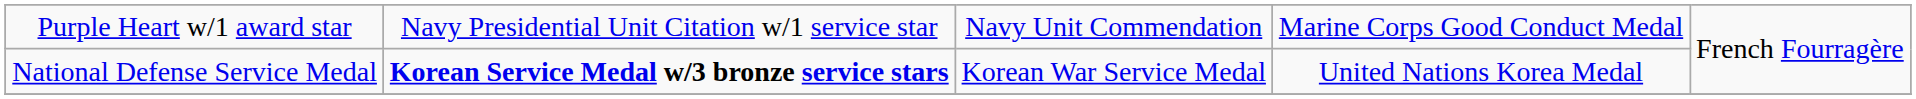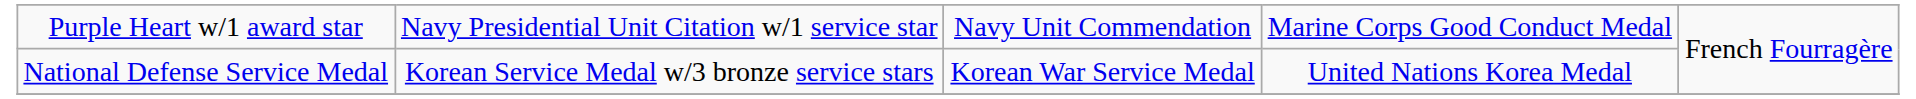 <table class="wikitable" style="margin:1em auto; text-align:center;">
 <tr>
 <td><a href='#'>Purple Heart</a> w/1 <a href='#'>award star</a></td>
 <td><a href='#'>Navy Presidential Unit Citation</a> w/1 <a href='#'>service star</a></td>
 <td><a href='#'>Navy Unit Commendation</a></td>
 <td><a href='#'>Marine Corps Good Conduct Medal</a></td>
 <td rowspan="2" align="center">French <a href='#'>Fourragère</a></td>
 </tr>
 <tr>
 <td><a href='#'>National Defense Service Medal</a></td>
-<td><strong><a href='#'>Korean Service Medal</a> w/3 bronze <a href='#'>service stars</a></strong></td>
+<td><a href='#'>Korean Service Medal</a> w/3 bronze <a href='#'>service stars</a></td>
 <td><a href='#'>Korean War Service Medal</a></td>
 <td><a href='#'>United Nations Korea Medal</a></td>
 </tr>
 <tr>
 </tr>
 </table>
